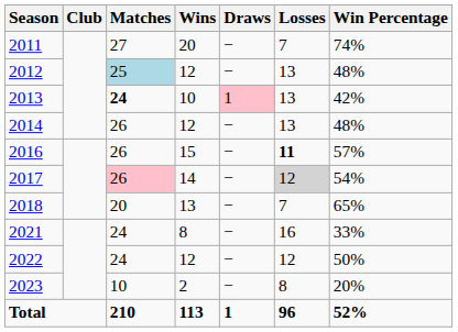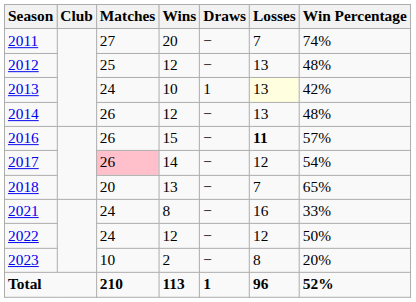 <table class="wikitable">
 <tr style="background:#bdb76b;">
 <th>Season</th>
 <th>Club</th>
 <th>Matches</th>
 <th>Wins</th>
 <th>Draws</th>
 <th>Losses</th>
 <th>Win Percentage</th>
 </tr>
 <tr>
 <td><a href='#'>2011</a></td>
 <td rowspan=4></td>
 <td>27</td>
 <td>20</td>
 <td>−</td>
 <td>7</td>
 <td>74%</td>
 </tr>
 <tr>
 <td><a href='#'>2012</a></td>
-<td style="background: lightblue;">25</td>
+<td>25</td>
 <td>12</td>
 <td>−</td>
 <td>13</td>
 <td>48%</td>
 </tr>
 <tr>
 <td><a href='#'>2013</a></td>
-<td><strong>24</strong></td>
+<td>24</td>
 <td>10</td>
-<td style="background: pink;">1</td>
-<td>13</td>
+<td>1</td>
+<td style="background: lightyellow;">13</td>
 <td>42%</td>
 </tr>
 <tr>
 <td><a href='#'>2014</a></td>
 <td>26</td>
 <td>12</td>
 <td>−</td>
 <td>13</td>
 <td>48%</td>
 </tr>
 <tr>
 <td><a href='#'>2016</a></td>
 <td rowspan=3></td>
 <td>26</td>
 <td>15</td>
 <td>−</td>
 <td><strong>11</strong></td>
 <td>57%</td>
 </tr>
 <tr>
 <td><a href='#'>2017</a></td>
 <td style="background: pink;">26</td>
 <td>14</td>
 <td>−</td>
-<td style="background: lightgrey;">12</td>
+<td>12</td>
 <td>54%</td>
 </tr>
 <tr>
 <td><a href='#'>2018</a></td>
 <td>20</td>
 <td>13</td>
 <td>−</td>
 <td>7</td>
 <td>65%</td>
 </tr>
 <tr>
 <td><a href='#'>2021</a></td>
 <td rowspan=3></td>
 <td>24</td>
 <td>8</td>
 <td>−</td>
 <td>16</td>
 <td>33%</td>
 </tr>
 <tr>
 <td><a href='#'>2022</a></td>
 <td>24</td>
 <td>12</td>
 <td>−</td>
 <td>12</td>
 <td>50%</td>
 </tr>
 <tr>
 <td><a href='#'>2023</a></td>
 <td>10</td>
 <td>2</td>
 <td>−</td>
 <td>8</td>
 <td>20%</td>
 </tr>
 <tr>
 <td colspan=2><strong>Total</strong></td>
 <td><strong>210</strong></td>
 <td><strong>113</strong></td>
 <td><strong>1</strong></td>
 <td><strong>96</strong></td>
 <td><strong>52%</strong></td>
 </tr>
 </table>
